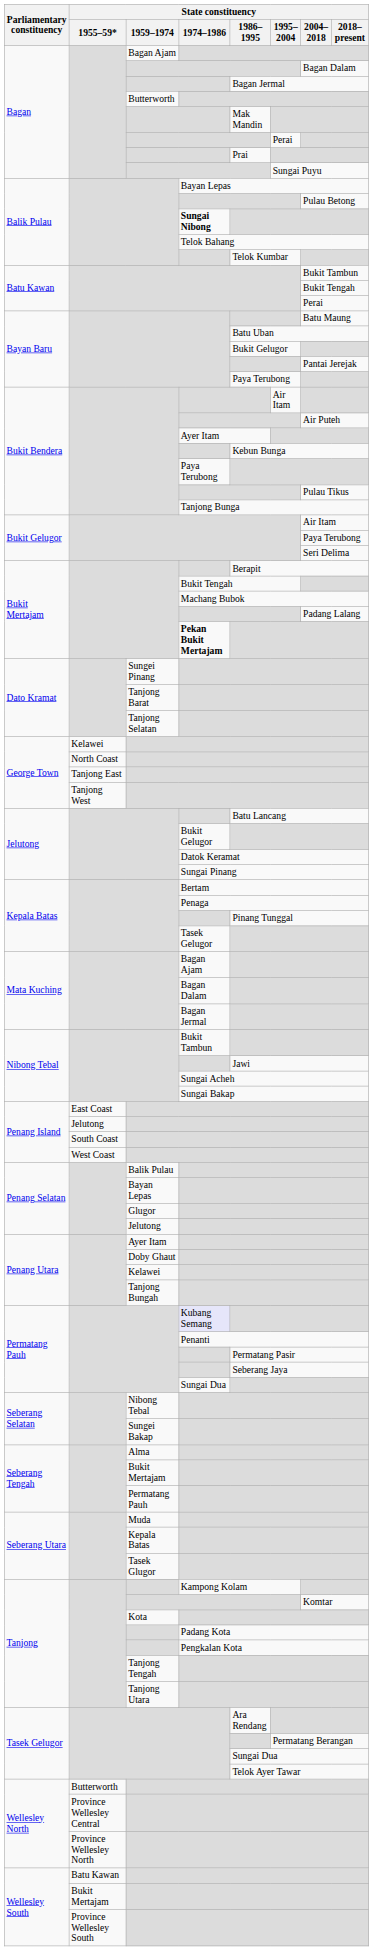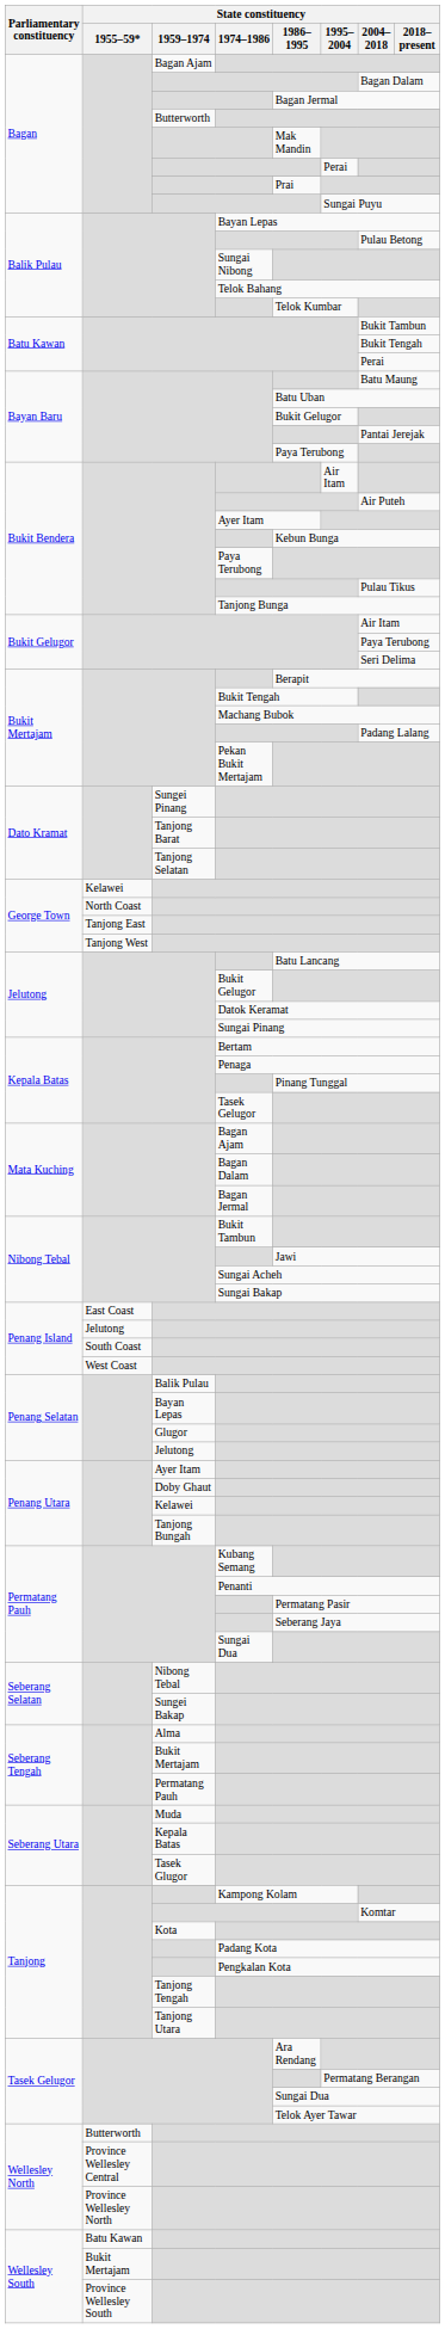 <table class=wikitable>
 <tr>
 <th rowspan=2>Parliamentary<br>constituency</th>
 <th colspan=7>State constituency</th>
 </tr>
 <tr>
 <th>1955–59*</th>
 <th>1959–1974</th>
 <th>1974–1986</th>
 <th>1986–1995</th>
 <th>1995–2004</th>
 <th>2004–2018</th>
 <th>2018–present</th>
 </tr>
 <tr>
 <td rowspan=8><a href='#'>Bagan</a></td>
 <td rowspan="8" bgcolor="dcdcdc"></td>
 <td>Bagan Ajam</td>
 <td colspan=5 bgcolor=dcdcdc></td>
 </tr>
 <tr>
 <td colspan=4 bgcolor=dcdcdc></td>
 <td colspan=2>Bagan Dalam</td>
 </tr>
 <tr>
 <td colspan=2 bgcolor=dcdcdc></td>
 <td colspan=4>Bagan Jermal</td>
 </tr>
 <tr>
 <td>Butterworth</td>
 <td colspan=5 bgcolor=dcdcdc></td>
 </tr>
 <tr>
 <td colspan=2 bgcolor=dcdcdc></td>
 <td>Mak Mandin</td>
 <td colspan=3 bgcolor=dcdcdc></td>
 </tr>
 <tr>
 <td colspan=3 bgcolor=dcdcdc></td>
 <td>Perai</td>
 <td colspan=2 bgcolor=dcdcdc></td>
 </tr>
 <tr>
 <td colspan=2 bgcolor=dcdcdc></td>
 <td>Prai</td>
 <td colspan=3 bgcolor=dcdcdc></td>
 </tr>
 <tr>
 <td colspan=3 bgcolor=dcdcdc></td>
 <td colspan=3>Sungai Puyu</td>
 </tr>
 <tr>
 <td rowspan=5><a href='#'>Balik Pulau</a></td>
 <td colspan="2" rowspan="5" bgcolor="dcdcdc"></td>
 <td colspan=5>Bayan Lepas</td>
 </tr>
 <tr>
 <td colspan=3 bgcolor=dcdcdc></td>
 <td colspan=2>Pulau Betong</td>
 </tr>
 <tr>
-<td><strong>Sungai Nibong</strong></td>
+<td>Sungai Nibong</td>
 <td colspan=4 bgcolor=dcdcdc></td>
 </tr>
 <tr>
 <td colspan=5>Telok Bahang</td>
 </tr>
 <tr>
 <td bgcolor=dcdcdc></td>
 <td colspan=2>Telok Kumbar</td>
 <td colspan=2 bgcolor=dcdcdc></td>
 </tr>
 <tr>
 <td rowspan=3><a href='#'>Batu Kawan</a></td>
 <td colspan="5" rowspan="3" bgcolor="dcdcdc"></td>
 <td colspan=2>Bukit Tambun</td>
 </tr>
 <tr>
 <td colspan=2>Bukit Tengah</td>
 </tr>
 <tr>
 <td colspan=2>Perai</td>
 </tr>
 <tr>
 <td rowspan=5><a href='#'>Bayan Baru</a></td>
 <td colspan="3" rowspan="5" bgcolor="dcdcdc"></td>
 <td colspan=2 bgcolor=dcdcdc></td>
 <td colspan=2>Batu Maung</td>
 </tr>
 <tr>
 <td colspan=4>Batu Uban</td>
 </tr>
 <tr>
 <td colspan=2>Bukit Gelugor</td>
 <td colspan=2 bgcolor=dcdcdc></td>
 </tr>
 <tr>
 <td colspan=2 bgcolor=dcdcdc></td>
 <td colspan=2>Pantai Jerejak</td>
 </tr>
 <tr>
 <td colspan=2>Paya Terubong</td>
 <td colspan=2 bgcolor=dcdcdc></td>
 </tr>
 <tr>
 <td rowspan=7><a href='#'>Bukit Bendera</a></td>
 <td colspan="2" rowspan="7" bgcolor="dcdcdc"></td>
 <td colspan=2 bgcolor=dcdcdc></td>
 <td>Air Itam</td>
 <td colspan=2 bgcolor=dcdcdc></td>
 </tr>
 <tr>
 <td colspan=3 bgcolor=dcdcdc></td>
 <td colspan=2>Air Puteh</td>
 </tr>
 <tr>
 <td colspan=2>Ayer Itam</td>
 <td colspan=3 bgcolor=dcdcdc></td>
 </tr>
 <tr>
 <td bgcolor=dcdcdc></td>
 <td colspan=4>Kebun Bunga</td>
 </tr>
 <tr>
 <td>Paya Terubong</td>
 <td colspan=4 bgcolor=dcdcdc></td>
 </tr>
 <tr>
 <td colspan=3 bgcolor=dcdcdc></td>
 <td colspan=2>Pulau Tikus</td>
 </tr>
 <tr>
 <td colspan=5>Tanjong Bunga</td>
 </tr>
 <tr>
 <td rowspan=3><a href='#'>Bukit Gelugor</a></td>
 <td colspan="5" rowspan="3" bgcolor="dcdcdc"></td>
 <td colspan=2>Air Itam</td>
 </tr>
 <tr>
 <td colspan=2>Paya Terubong</td>
 </tr>
 <tr>
 <td colspan=2>Seri Delima</td>
 </tr>
 <tr>
 <td rowspan=5><a href='#'>Bukit Mertajam</a></td>
 <td colspan="2" rowspan="5" bgcolor="dcdcdc"></td>
 <td bgcolor=dcdcdc></td>
 <td colspan=4>Berapit</td>
 </tr>
 <tr>
 <td colspan=3>Bukit Tengah</td>
 <td colspan=2 bgcolor=dcdcdc></td>
 </tr>
 <tr>
 <td colspan=5>Machang Bubok</td>
 </tr>
 <tr>
 <td colspan=3 bgcolor=dcdcdc></td>
 <td colspan=2>Padang Lalang</td>
 </tr>
 <tr>
-<td><strong>Pekan Bukit Mertajam</strong></td>
+<td>Pekan Bukit Mertajam</td>
 <td colspan=4 bgcolor=dcdcdc></td>
 </tr>
 <tr>
 <td rowspan=3><a href='#'>Dato Kramat</a></td>
 <td rowspan="3" bgcolor="dcdcdc"></td>
 <td>Sungei Pinang</td>
 <td colspan=5 bgcolor=dcdcdc></td>
 </tr>
 <tr>
 <td>Tanjong Barat</td>
 <td colspan=5 bgcolor=dcdcdc></td>
 </tr>
 <tr>
 <td>Tanjong Selatan</td>
 <td colspan=5 bgcolor=dcdcdc></td>
 </tr>
 <tr>
 <td rowspan=4><a href='#'>George Town</a></td>
 <td>Kelawei</td>
 <td colspan=6 bgcolor=dcdcdc></td>
 </tr>
 <tr>
 <td>North Coast</td>
 <td colspan=6 bgcolor=dcdcdc></td>
 </tr>
 <tr>
 <td>Tanjong East</td>
 <td colspan=6 bgcolor=dcdcdc></td>
 </tr>
 <tr>
 <td>Tanjong West</td>
 <td colspan=6 bgcolor=dcdcdc></td>
 </tr>
 <tr>
 <td rowspan=4><a href='#'>Jelutong</a></td>
 <td colspan="2" rowspan="4" bgcolor="dcdcdc"></td>
 <td bgcolor=dcdcdc></td>
 <td colspan=4>Batu Lancang</td>
 </tr>
 <tr>
 <td>Bukit Gelugor</td>
 <td colspan=4 bgcolor=dcdcdc></td>
 </tr>
 <tr>
 <td colspan=5>Datok Keramat</td>
 </tr>
 <tr>
 <td colspan=5>Sungai Pinang</td>
 </tr>
 <tr>
 <td rowspan=4><a href='#'>Kepala Batas</a></td>
 <td colspan="2" rowspan="4" bgcolor="dcdcdc"></td>
 <td colspan=5>Bertam</td>
 </tr>
 <tr>
 <td colspan=5>Penaga</td>
 </tr>
 <tr>
 <td bgcolor=dcdcdc></td>
 <td colspan=4>Pinang Tunggal</td>
 </tr>
 <tr>
 <td>Tasek Gelugor</td>
 <td colspan=4 bgcolor=dcdcdc></td>
 </tr>
 <tr>
 <td rowspan=3><a href='#'>Mata Kuching</a></td>
 <td colspan="2" rowspan="3" bgcolor="dcdcdc"></td>
 <td>Bagan Ajam</td>
 <td colspan=4 bgcolor=dcdcdc></td>
 </tr>
 <tr>
 <td>Bagan Dalam</td>
 <td colspan=4 bgcolor=dcdcdc></td>
 </tr>
 <tr>
 <td>Bagan Jermal</td>
 <td colspan=4 bgcolor=dcdcdc></td>
 </tr>
 <tr>
 <td rowspan=4><a href='#'>Nibong Tebal</a></td>
 <td colspan="2" rowspan="4" bgcolor="dcdcdc"></td>
 <td>Bukit Tambun</td>
 <td colspan=4 bgcolor=dcdcdc></td>
 </tr>
 <tr>
 <td bgcolor=dcdcdc></td>
 <td colspan=4>Jawi</td>
 </tr>
 <tr>
 <td colspan=5>Sungai Acheh</td>
 </tr>
 <tr>
 <td colspan=5>Sungai Bakap</td>
 </tr>
 <tr>
 <td rowspan=4><a href='#'>Penang Island</a></td>
 <td>East Coast</td>
 <td colspan=6 bgcolor=dcdcdc></td>
 </tr>
 <tr>
 <td>Jelutong</td>
 <td colspan=6 bgcolor=dcdcdc></td>
 </tr>
 <tr>
 <td>South Coast</td>
 <td colspan=6 bgcolor=dcdcdc></td>
 </tr>
 <tr>
 <td>West Coast</td>
 <td colspan=6 bgcolor=dcdcdc></td>
 </tr>
 <tr>
 <td rowspan=4><a href='#'>Penang Selatan</a></td>
 <td rowspan="4" bgcolor="dcdcdc"></td>
 <td>Balik Pulau</td>
 <td colspan=5 bgcolor=dcdcdc></td>
 </tr>
 <tr>
 <td>Bayan Lepas</td>
 <td colspan=5 bgcolor=dcdcdc></td>
 </tr>
 <tr>
 <td>Glugor</td>
 <td colspan=5 bgcolor=dcdcdc></td>
 </tr>
 <tr>
 <td>Jelutong</td>
 <td colspan=5 bgcolor=dcdcdc></td>
 </tr>
 <tr>
 <td rowspan=4><a href='#'>Penang Utara</a></td>
 <td rowspan="4" bgcolor="dcdcdc"></td>
 <td>Ayer Itam</td>
 <td colspan=5 bgcolor=dcdcdc></td>
 </tr>
 <tr>
 <td>Doby Ghaut</td>
 <td colspan=5 bgcolor=dcdcdc></td>
 </tr>
 <tr>
 <td>Kelawei</td>
 <td colspan=5 bgcolor=dcdcdc></td>
 </tr>
 <tr>
 <td>Tanjong Bungah</td>
 <td colspan=5 bgcolor=dcdcdc></td>
 </tr>
 <tr>
 <td rowspan=5><a href='#'>Permatang Pauh</a></td>
 <td colspan="2" rowspan="5" bgcolor="dcdcdc"></td>
-<td style="background: lavender;">Kubang Semang</td>
+<td>Kubang Semang</td>
 <td colspan=4 bgcolor=dcdcdc></td>
 </tr>
 <tr>
 <td colspan=5>Penanti</td>
 </tr>
 <tr>
 <td bgcolor=dcdcdc></td>
 <td colspan=4>Permatang Pasir</td>
 </tr>
 <tr>
 <td bgcolor=dcdcdc></td>
 <td colspan=4>Seberang Jaya</td>
 </tr>
 <tr>
 <td>Sungai Dua</td>
 <td colspan=4 bgcolor=dcdcdc></td>
 </tr>
 <tr>
 <td rowspan=2><a href='#'>Seberang Selatan</a></td>
 <td rowspan="2" bgcolor="dcdcdc"></td>
 <td>Nibong Tebal</td>
 <td colspan=5 bgcolor=dcdcdc></td>
 </tr>
 <tr>
 <td>Sungei Bakap</td>
 <td colspan=5 bgcolor=dcdcdc></td>
 </tr>
 <tr>
 <td rowspan=3><a href='#'>Seberang Tengah</a></td>
 <td rowspan="3" bgcolor="dcdcdc"></td>
 <td>Alma</td>
 <td colspan=5 bgcolor=dcdcdc></td>
 </tr>
 <tr>
 <td>Bukit Mertajam</td>
 <td colspan=5 bgcolor=dcdcdc></td>
 </tr>
 <tr>
 <td>Permatang Pauh</td>
 <td colspan=5 bgcolor=dcdcdc></td>
 </tr>
 <tr>
 <td rowspan=3><a href='#'>Seberang Utara</a></td>
 <td rowspan="3" bgcolor="dcdcdc"></td>
 <td>Muda</td>
 <td colspan=5 bgcolor=dcdcdc></td>
 </tr>
 <tr>
 <td>Kepala Batas</td>
 <td colspan=5 bgcolor=dcdcdc></td>
 </tr>
 <tr>
 <td>Tasek Glugor</td>
 <td colspan=5 bgcolor=dcdcdc></td>
 </tr>
 <tr>
 <td rowspan=7><a href='#'>Tanjong</a></td>
 <td rowspan="7" bgcolor="dcdcdc"></td>
 <td bgcolor=dcdcdc></td>
 <td colspan=3>Kampong Kolam</td>
 <td colspan=2 bgcolor=dcdcdc></td>
 </tr>
 <tr>
 <td colspan=4 bgcolor=dcdcdc></td>
 <td colspan=2>Komtar</td>
 </tr>
 <tr>
 <td>Kota</td>
 <td colspan=5 bgcolor=dcdcdc></td>
 </tr>
 <tr>
 <td bgcolor=dcdcdc></td>
 <td colspan=5>Padang Kota</td>
 </tr>
 <tr>
 <td bgcolor=dcdcdc></td>
 <td colspan=5>Pengkalan Kota</td>
 </tr>
 <tr>
 <td>Tanjong Tengah</td>
 <td colspan=5 bgcolor=dcdcdc></td>
 </tr>
 <tr>
 <td>Tanjong Utara</td>
 <td colspan=5 bgcolor=dcdcdc></td>
 </tr>
 <tr>
 <td rowspan=4><a href='#'>Tasek Gelugor</a></td>
 <td colspan="3" rowspan="4" bgcolor="dcdcdc"></td>
 <td>Ara Rendang</td>
 <td colspan=3 bgcolor=dcdcdc></td>
 </tr>
 <tr>
 <td bgcolor=dcdcdc></td>
 <td colspan=3>Permatang Berangan</td>
 </tr>
 <tr>
 <td colspan=4>Sungai Dua</td>
 </tr>
 <tr>
 <td colspan=4>Telok Ayer Tawar</td>
 </tr>
 <tr>
 <td rowspan=3><a href='#'>Wellesley North</a></td>
 <td>Butterworth</td>
 <td colspan=6 bgcolor=dcdcdc></td>
 </tr>
 <tr>
 <td>Province Wellesley Central</td>
 <td colspan=6 bgcolor=dcdcdc></td>
 </tr>
 <tr>
 <td>Province Wellesley North</td>
 <td colspan=6 bgcolor=dcdcdc></td>
 </tr>
 <tr>
 <td rowspan=3><a href='#'>Wellesley South</a></td>
 <td>Batu Kawan</td>
 <td colspan=6 bgcolor=dcdcdc></td>
 </tr>
 <tr>
 <td>Bukit Mertajam</td>
 <td colspan=6 bgcolor=dcdcdc></td>
 </tr>
 <tr>
 <td>Province Wellesley South</td>
 <td colspan=6 bgcolor=dcdcdc></td>
 </tr>
 </table>
